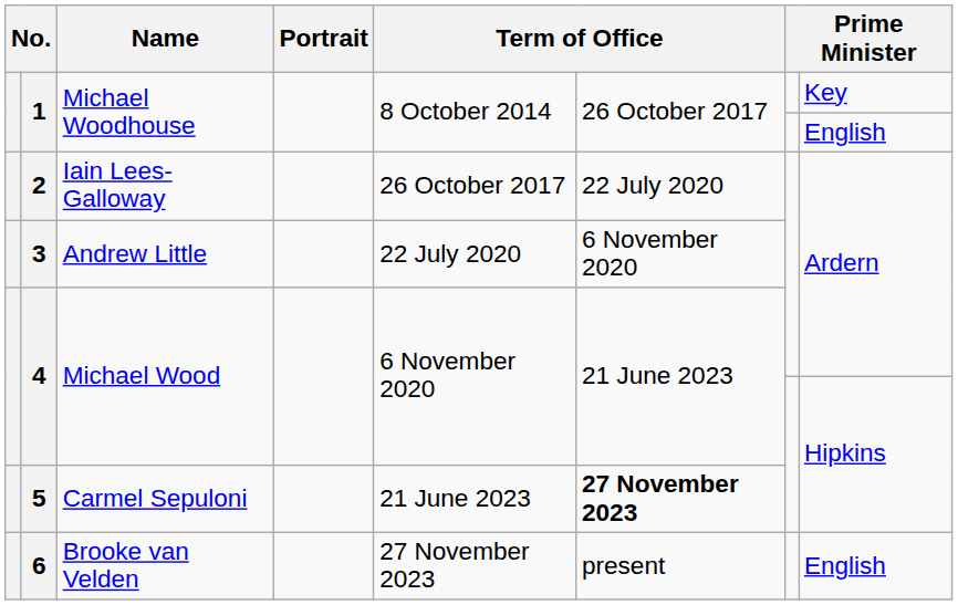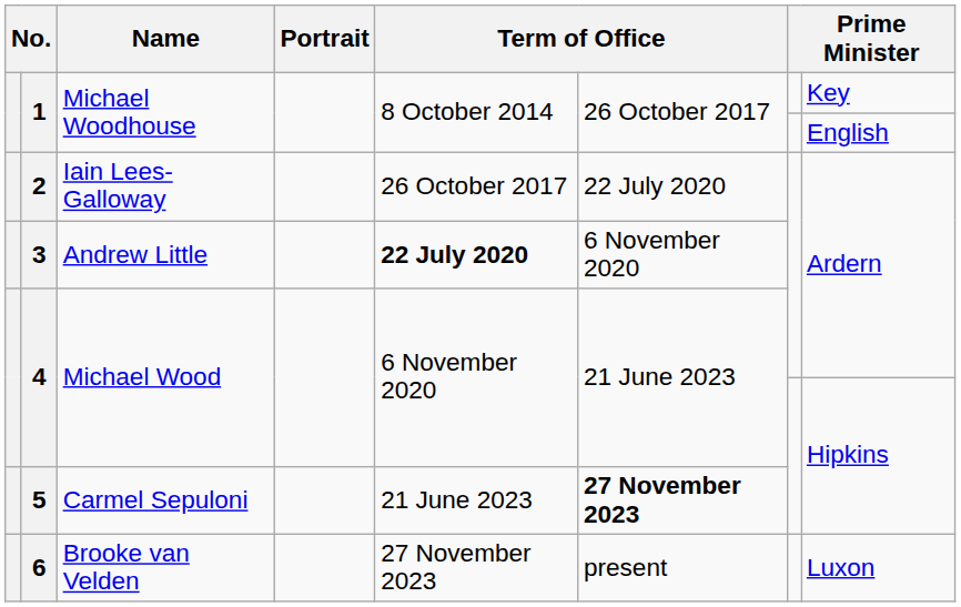 <table class="wikitable">
 <tr>
 <th colspan=2>No.</th>
 <th>Name</th>
 <th>Portrait</th>
 <th colspan=2>Term of Office</th>
 <th colspan=2>Prime Minister</th>
 </tr>
 <tr>
 <th rowspan=2 style="color:inherit;background:"></th>
 <th rowspan=2>1</th>
 <td rowspan=2><a href='#'>Michael Woodhouse</a></td>
 <td rowspan=2></td>
 <td rowspan=2>8 October 2014</td>
 <td rowspan=2>26 October 2017</td>
 <td width=1 style="color:inherit;background:"></td>
 <td><a href='#'>Key</a></td>
 </tr>
 <tr>
 <td style="color:inherit;background:"></td>
 <td><a href='#'>English</a></td>
 </tr>
 <tr>
 <th style="color:inherit;background:"></th>
 <th>2</th>
 <td><a href='#'>Iain Lees-Galloway</a></td>
 <td></td>
 <td>26 October 2017</td>
 <td>22 July 2020</td>
 <td rowspan="3" style="color:inherit;background:"></td>
 <td rowspan="3"><a href='#'>Ardern</a></td>
 </tr>
 <tr>
 <th style="color:inherit;background:"></th>
 <th>3</th>
 <td><a href='#'>Andrew Little</a></td>
 <td></td>
-<td>22 July 2020</td>
+<td><strong>22 July 2020</strong></td>
 <td>6 November 2020</td>
 </tr>
 <tr>
 <th height=50 style="border-bottom:solid 0 grey; background:"></th>
 <th rowspan="2">4</th>
 <td rowspan="2"><a href='#'>Michael Wood</a></td>
 <td rowspan="2"></td>
 <td rowspan="2">6 November 2020</td>
 <td rowspan="2">21 June 2023</td>
 </tr>
 <tr>
 <th height=50 style="border-top:solid 0 grey; background:"></th>
 <td rowspan=2 style="color:inherit;background:"></td>
 <td rowspan=2><a href='#'>Hipkins</a></td>
 </tr>
 <tr>
 <th style="color:inherit;background:"></th>
 <th>5</th>
 <td><a href='#'>Carmel Sepuloni</a></td>
 <td></td>
 <td>21 June 2023</td>
 <td><strong>27 November 2023</strong></td>
 </tr>
 <tr>
 <th style="color:inherit;background:"></th>
 <th>6</th>
 <td><a href='#'>Brooke van Velden</a></td>
 <td></td>
 <td>27 November 2023</td>
 <td>present</td>
 <td style="color:inherit;background:"></td>
-<td><a href='#'>English</a></td>
+<td><a href='#'>Luxon</a></td>
 </tr>
 </table>
